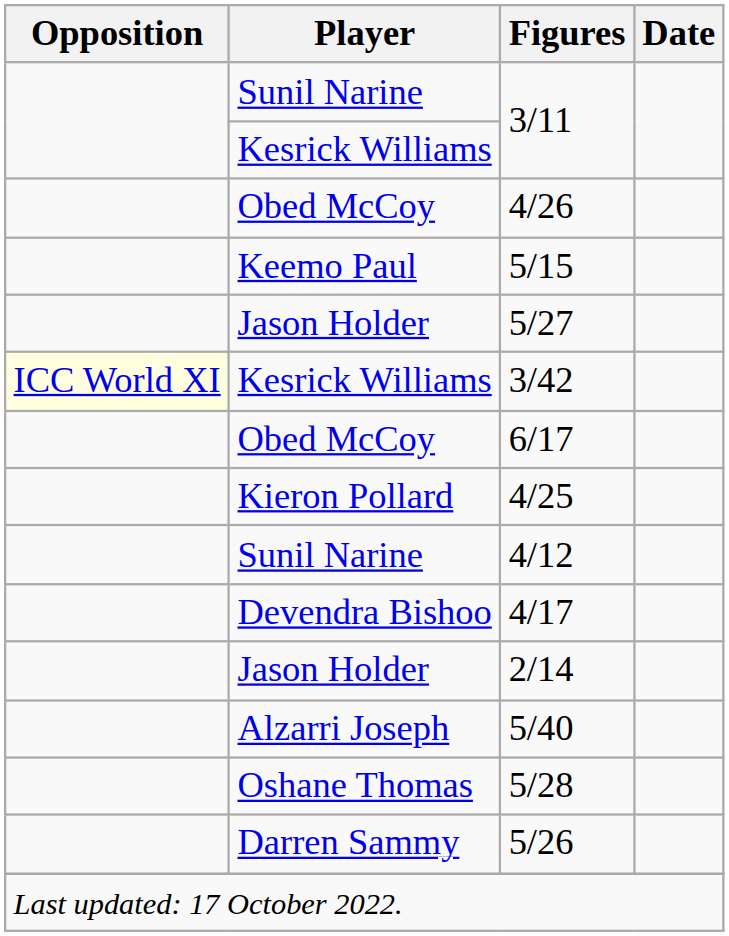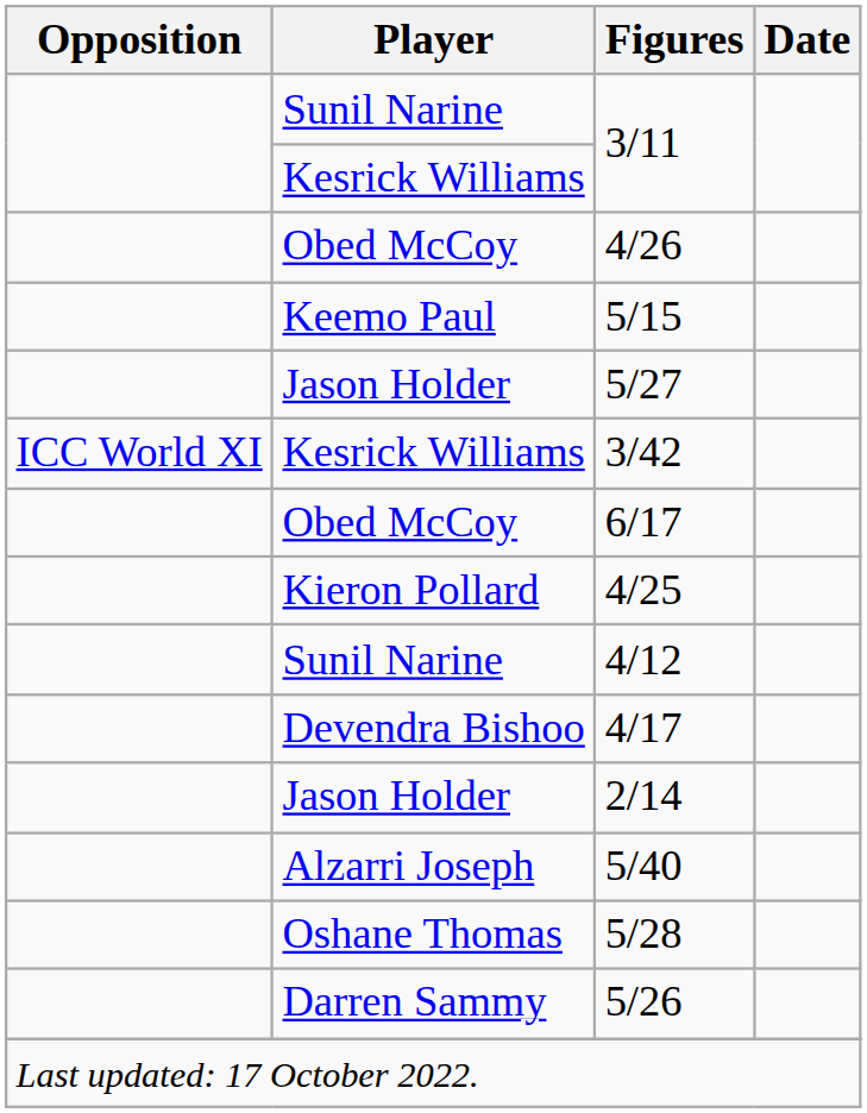 <table class="wikitable sortable">
 <tr>
 <th>Opposition</th>
 <th>Player</th>
 <th>Figures</th>
 <th>Date</th>
 </tr>
 <tr>
 <td rowspan=2></td>
 <td><a href='#'>Sunil Narine</a></td>
 <td rowspan=2>3/11</td>
 <td rowspan=2></td>
 </tr>
 <tr>
 <td><a href='#'>Kesrick Williams</a></td>
 </tr>
 <tr>
 <td></td>
 <td><a href='#'>Obed McCoy</a></td>
 <td>4/26</td>
 <td></td>
 </tr>
 <tr>
 <td></td>
 <td><a href='#'>Keemo Paul</a></td>
 <td>5/15</td>
 <td></td>
 </tr>
 <tr>
 <td></td>
 <td><a href='#'>Jason Holder</a></td>
 <td>5/27</td>
 <td></td>
 </tr>
 <tr>
-<td style="background: lightyellow;"><a href='#'>ICC World XI</a></td>
+<td><a href='#'>ICC World XI</a></td>
 <td><a href='#'>Kesrick Williams</a></td>
 <td>3/42</td>
 <td></td>
 </tr>
 <tr>
 <td></td>
 <td><a href='#'>Obed McCoy</a></td>
 <td>6/17</td>
 <td></td>
 </tr>
 <tr>
 <td></td>
 <td><a href='#'>Kieron Pollard</a></td>
 <td>4/25</td>
 <td></td>
 </tr>
 <tr>
 <td></td>
 <td><a href='#'>Sunil Narine</a></td>
 <td>4/12</td>
 <td></td>
 </tr>
 <tr>
 <td></td>
 <td><a href='#'>Devendra Bishoo</a></td>
 <td>4/17</td>
 <td></td>
 </tr>
 <tr>
 <td></td>
 <td><a href='#'>Jason Holder</a></td>
 <td>2/14</td>
 <td></td>
 </tr>
 <tr>
 <td></td>
 <td><a href='#'>Alzarri Joseph</a></td>
 <td>5/40</td>
 <td></td>
 </tr>
 <tr>
 <td></td>
 <td><a href='#'>Oshane Thomas</a></td>
 <td>5/28</td>
 <td></td>
 </tr>
 <tr>
 <td></td>
 <td><a href='#'>Darren Sammy</a></td>
 <td>5/26</td>
 <td></td>
 </tr>
 <tr>
 </tr>
 <tr class=sortbottom>
 <td colspan=5><small><em>Last updated: 17 October 2022.</em></small></td>
 </tr>
 </table>
